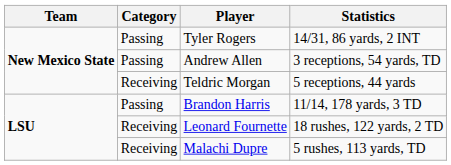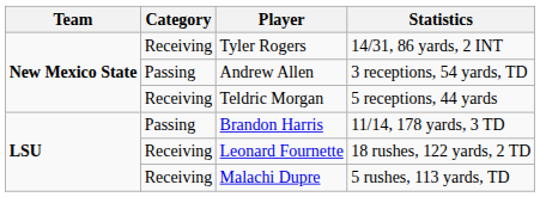 <table class="wikitable" style="float: left;">
 <tr>
 <th>Team</th>
 <th>Category</th>
 <th>Player</th>
 <th>Statistics</th>
 </tr>
 <tr>
 <td rowspan=3><strong>New Mexico State</strong></td>
-<td>Passing</td>
+<td>Receiving</td>
 <td>Tyler Rogers</td>
 <td>14/31, 86 yards, 2 INT</td>
 </tr>
 <tr>
 <td>Passing</td>
 <td>Andrew Allen</td>
 <td>3 receptions, 54 yards, TD</td>
 </tr>
 <tr>
 <td>Receiving</td>
 <td>Teldric Morgan</td>
 <td>5 receptions, 44 yards</td>
 </tr>
 <tr>
 <td rowspan=3><strong>LSU</strong></td>
 <td>Passing</td>
 <td><a href='#'>Brandon Harris</a></td>
 <td>11/14, 178 yards, 3 TD</td>
 </tr>
 <tr>
 <td>Receiving</td>
 <td><a href='#'>Leonard Fournette</a></td>
 <td>18 rushes, 122 yards, 2 TD</td>
 </tr>
 <tr>
 <td>Receiving</td>
 <td><a href='#'>Malachi Dupre</a></td>
 <td>5 rushes, 113 yards, TD</td>
 </tr>
 </table>
